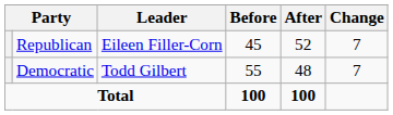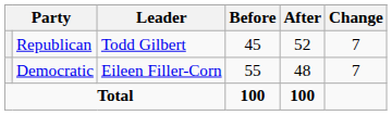 <table class="wikitable" style="text-align:center;">
 <tr>
 </tr>
 <tr>
 <th colspan=2>Party</th>
 <th>Leader</th>
 <th>Before</th>
 <th>After</th>
 <th>Change</th>
 </tr>
 <tr>
 <th style="background-color:"></th>
 <td style="text-align:left;"><a href='#'>Republican</a></td>
-<td style="text-align:left;"><a href='#'>Eileen Filler-Corn</a></td>
+<td style="text-align:left;"><a href='#'>Todd Gilbert</a></td>
 <td>45</td>
 <td>52</td>
 <td> 7</td>
 </tr>
 <tr>
 <th style="background-color:"></th>
 <td style="text-align:left;"><a href='#'>Democratic</a></td>
-<td style="text-align:left;"><a href='#'>Todd Gilbert</a></td>
+<td style="text-align:left;"><a href='#'>Eileen Filler-Corn</a></td>
 <td>55</td>
 <td>48</td>
 <td> 7</td>
 </tr>
 <tr>
 <td colspan=3><strong>Total</strong></td>
 <td><strong>100</strong></td>
 <td><strong>100</strong></td>
 </tr>
 </table>
